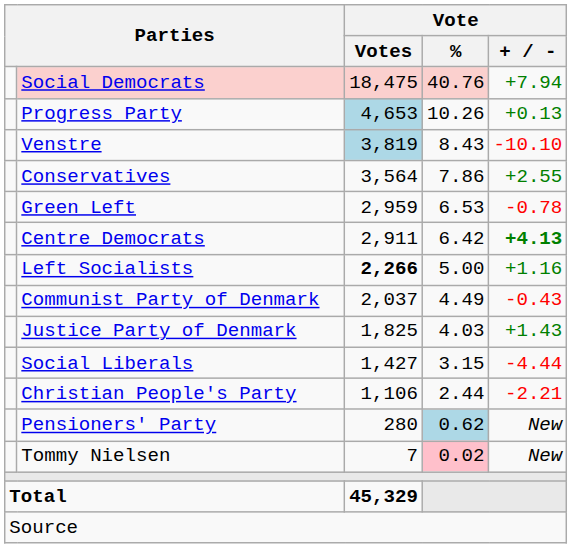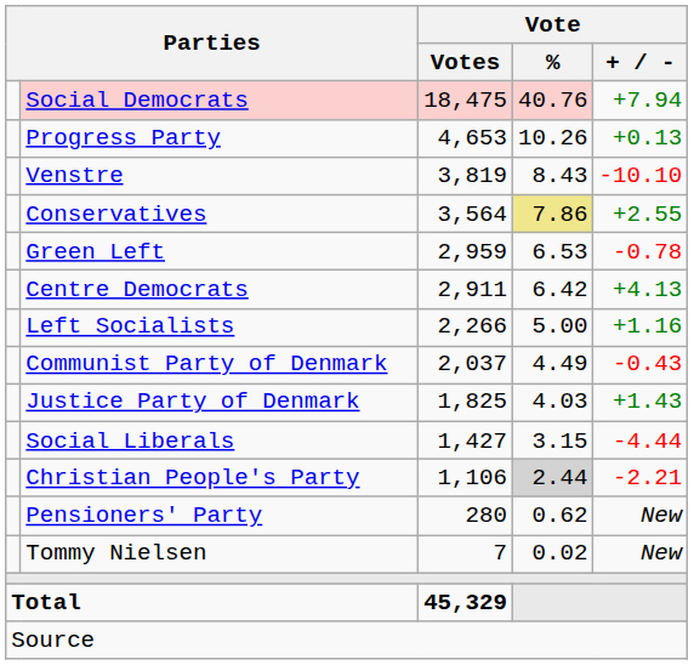 <table class="wikitable" style="text-align:right;">
 <tr>
 <th style="text-align:centre;" rowspan="2" colspan="2" width="225">Parties</th>
 <th colspan="3">Vote</th>
 </tr>
 <tr>
 <th width="15">Votes</th>
 <th width="15">%</th>
 <th width="15">+ / -</th>
 </tr>
 <tr>
 <td width="2" style="color:inherit;background:"></td>
 <td bgcolor=#fbd0ce  align="left"><a href='#'>Social Democrats</a></td>
 <td bgcolor=#fbd0ce>18,475</td>
 <td bgcolor=#fbd0ce>40.76</td>
 <td style=color:green;>+7.94</td>
 </tr>
 <tr>
 <td width="2" style="color:inherit;background:"></td>
 <td align="left"><a href='#'>Progress Party</a></td>
-<td style="background: lightblue;">4,653</td>
+<td>4,653</td>
 <td>10.26</td>
 <td style=color:green;>+0.13</td>
 </tr>
 <tr>
 <td width="2" style="color:inherit;background:"></td>
 <td align="left"><a href='#'>Venstre</a></td>
-<td style="background: lightblue;">3,819</td>
+<td>3,819</td>
 <td>8.43</td>
 <td style=color:red;>-10.10</td>
 </tr>
 <tr>
 <td width="2" style="color:inherit;background:"></td>
 <td align="left"><a href='#'>Conservatives</a></td>
 <td>3,564</td>
-<td>7.86</td>
+<td style="background: khaki;">7.86</td>
 <td style=color:green;>+2.55</td>
 </tr>
 <tr>
 <td width="2" style="color:inherit;background:"></td>
 <td align="left"><a href='#'>Green Left</a></td>
 <td>2,959</td>
 <td>6.53</td>
 <td style=color:red;>-0.78</td>
 </tr>
 <tr>
 <td width="2" style="color:inherit;background:"></td>
 <td align="left"><a href='#'>Centre Democrats</a></td>
 <td>2,911</td>
 <td>6.42</td>
-<td style=color:green;><strong>+4.13</strong></td>
+<td style=color:green;>+4.13</td>
 </tr>
 <tr>
 <td width="2" style="color:inherit;background:"></td>
 <td align="left"><a href='#'>Left Socialists</a></td>
-<td><strong>2,266</strong></td>
+<td>2,266</td>
 <td>5.00</td>
 <td style=color:green;>+1.16</td>
 </tr>
 <tr>
 <td width="2" style="color:inherit;background:"></td>
 <td align="left"><a href='#'>Communist Party of Denmark</a></td>
 <td>2,037</td>
 <td>4.49</td>
 <td style=color:red;>-0.43</td>
 </tr>
 <tr>
 <td width="2" style="color:inherit;background:"></td>
 <td align="left"><a href='#'>Justice Party of Denmark</a></td>
 <td>1,825</td>
 <td>4.03</td>
 <td style=color:green;>+1.43</td>
 </tr>
 <tr>
 <td width="2" style="color:inherit;background:"></td>
 <td align="left"><a href='#'>Social Liberals</a></td>
 <td>1,427</td>
 <td>3.15</td>
 <td style=color:red;>-4.44</td>
 </tr>
 <tr>
 <td width="2" style="color:inherit;background:"></td>
 <td align="left"><a href='#'>Christian People's Party</a></td>
 <td>1,106</td>
-<td>2.44</td>
+<td style="background: lightgrey;">2.44</td>
 <td style=color:red;>-2.21</td>
 </tr>
 <tr>
 <td width="2" style="color:inherit;background:"></td>
 <td align="left"><a href='#'>Pensioners' Party</a></td>
 <td>280</td>
-<td style="background: lightblue;">0.62</td>
+<td>0.62</td>
 <td><em>New</em></td>
 </tr>
 <tr>
 <td width="2" style="color:inherit;background:"></td>
 <td align="left">Tommy Nielsen</td>
 <td>7</td>
-<td style="background: pink;">0.02</td>
+<td>0.02</td>
 <td><em>New</em></td>
 </tr>
 <tr>
 <td colspan="7" bgcolor="#E9E9E9"></td>
 </tr>
 <tr>
 <td align="left" colspan="2"><strong>Total</strong></td>
 <td><strong>45,329</strong></td>
 <td bgcolor="#E9E9E9" colspan="2"></td>
 </tr>
 <tr>
 <td align="left" colspan="6">Source</td>
 </tr>
 </table>
